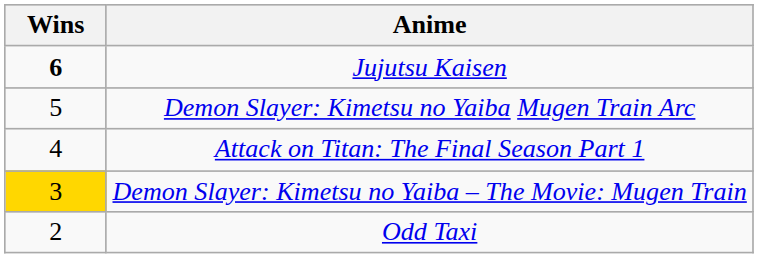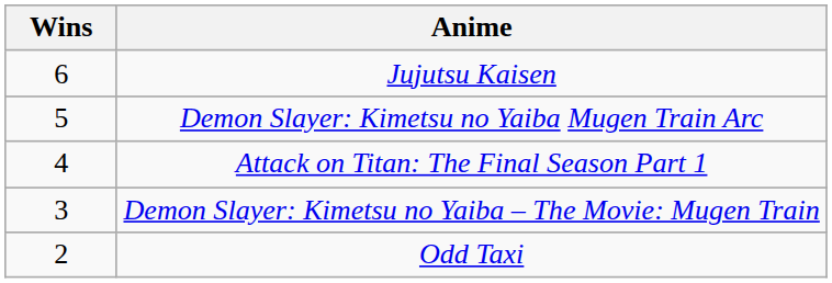 <table class="wikitable" style="text-align: center">
 <tr>
 <th scope="col" width="55">Wins</th>
 <th scope="col" align="center">Anime</th>
 </tr>
 <tr>
-<td><strong>6</strong></td>
+<td>6</td>
 <td><em><a href='#'>Jujutsu Kaisen</a></em></td>
 </tr>
 <tr>
 <td>5</td>
 <td><em><a href='#'>Demon Slayer: Kimetsu no Yaiba</a> <a href='#'>Mugen Train Arc</a></em></td>
 </tr>
 <tr>
 <td>4</td>
 <td><em><a href='#'>Attack on Titan: The Final Season Part 1</a></em></td>
 </tr>
 <tr>
-<td style="background: gold;">3</td>
+<td>3</td>
 <td><em><a href='#'>Demon Slayer: Kimetsu no Yaiba – The Movie: Mugen Train</a></em></td>
 </tr>
 <tr>
 <td>2</td>
 <td><em><a href='#'>Odd Taxi</a></em></td>
 </tr>
 </table>
